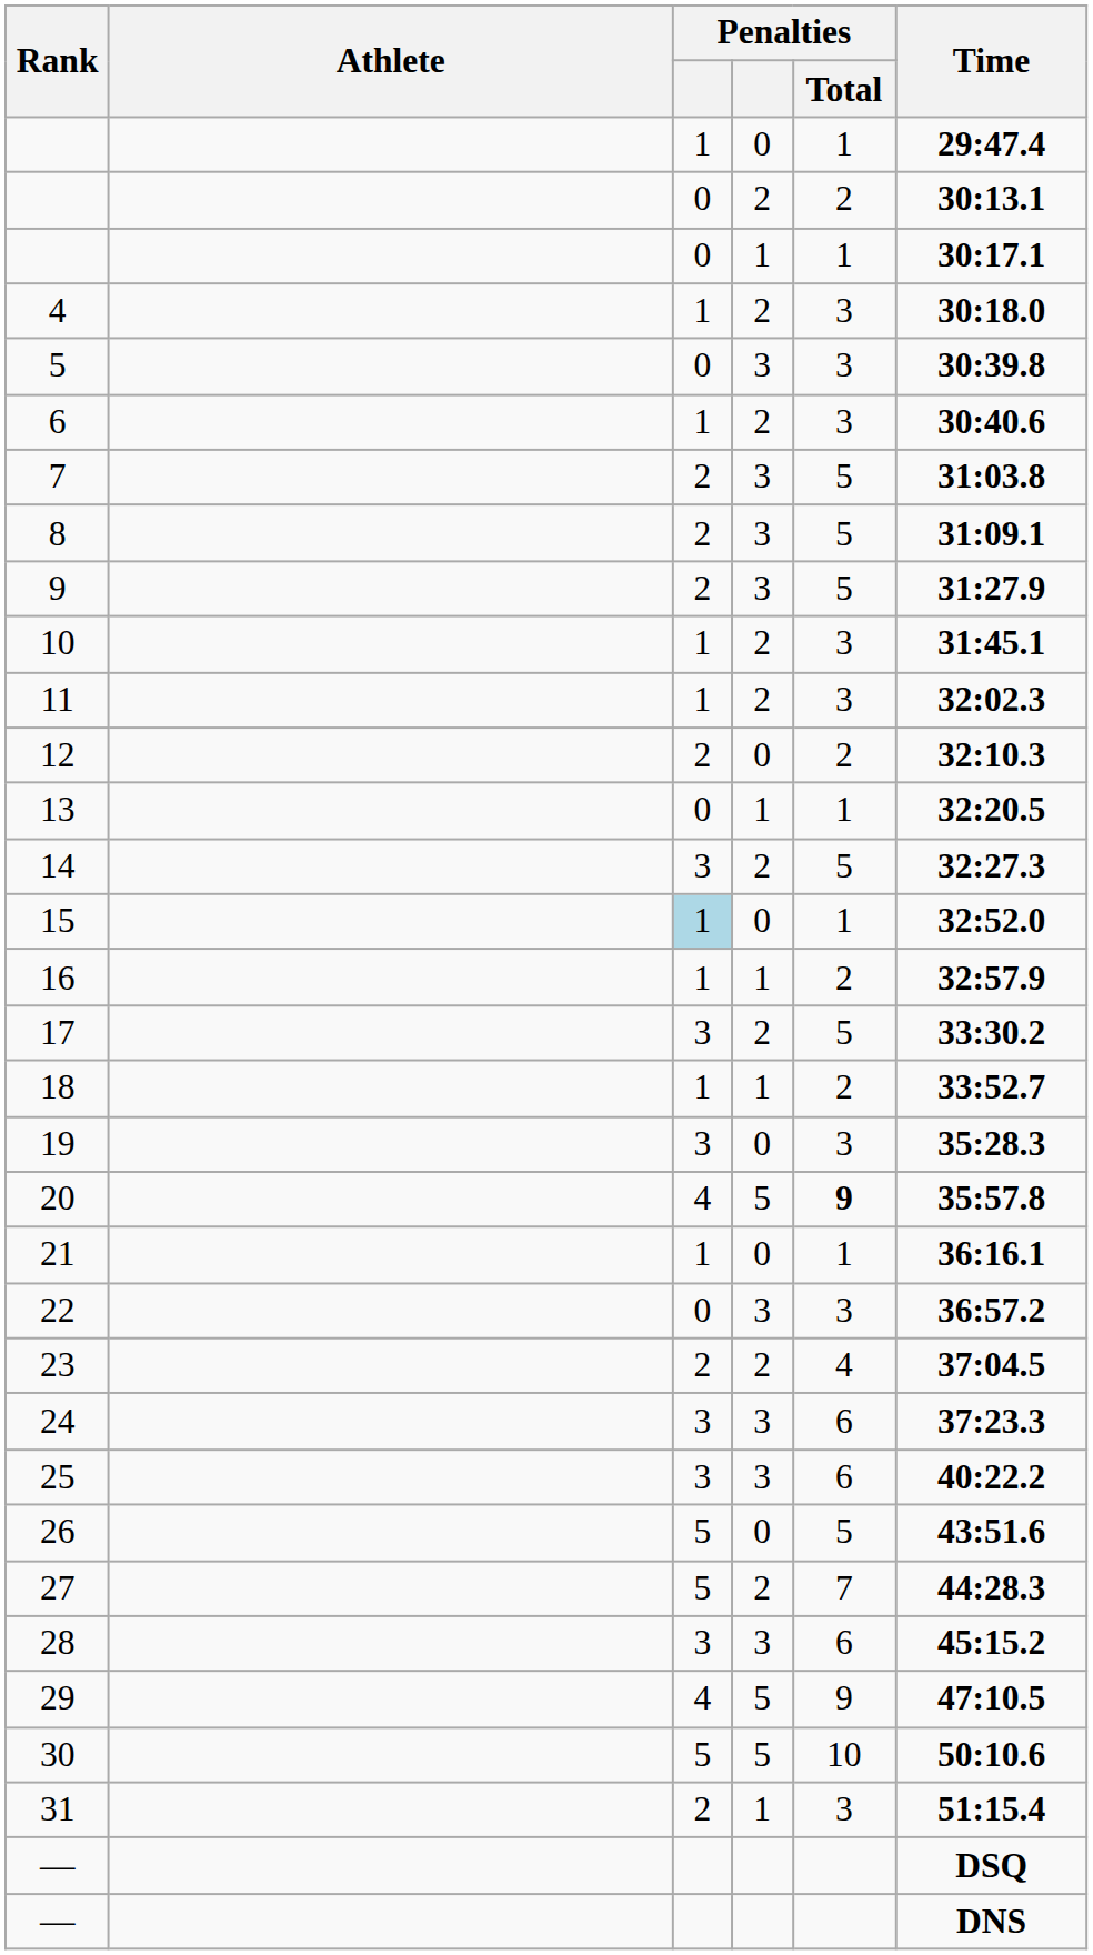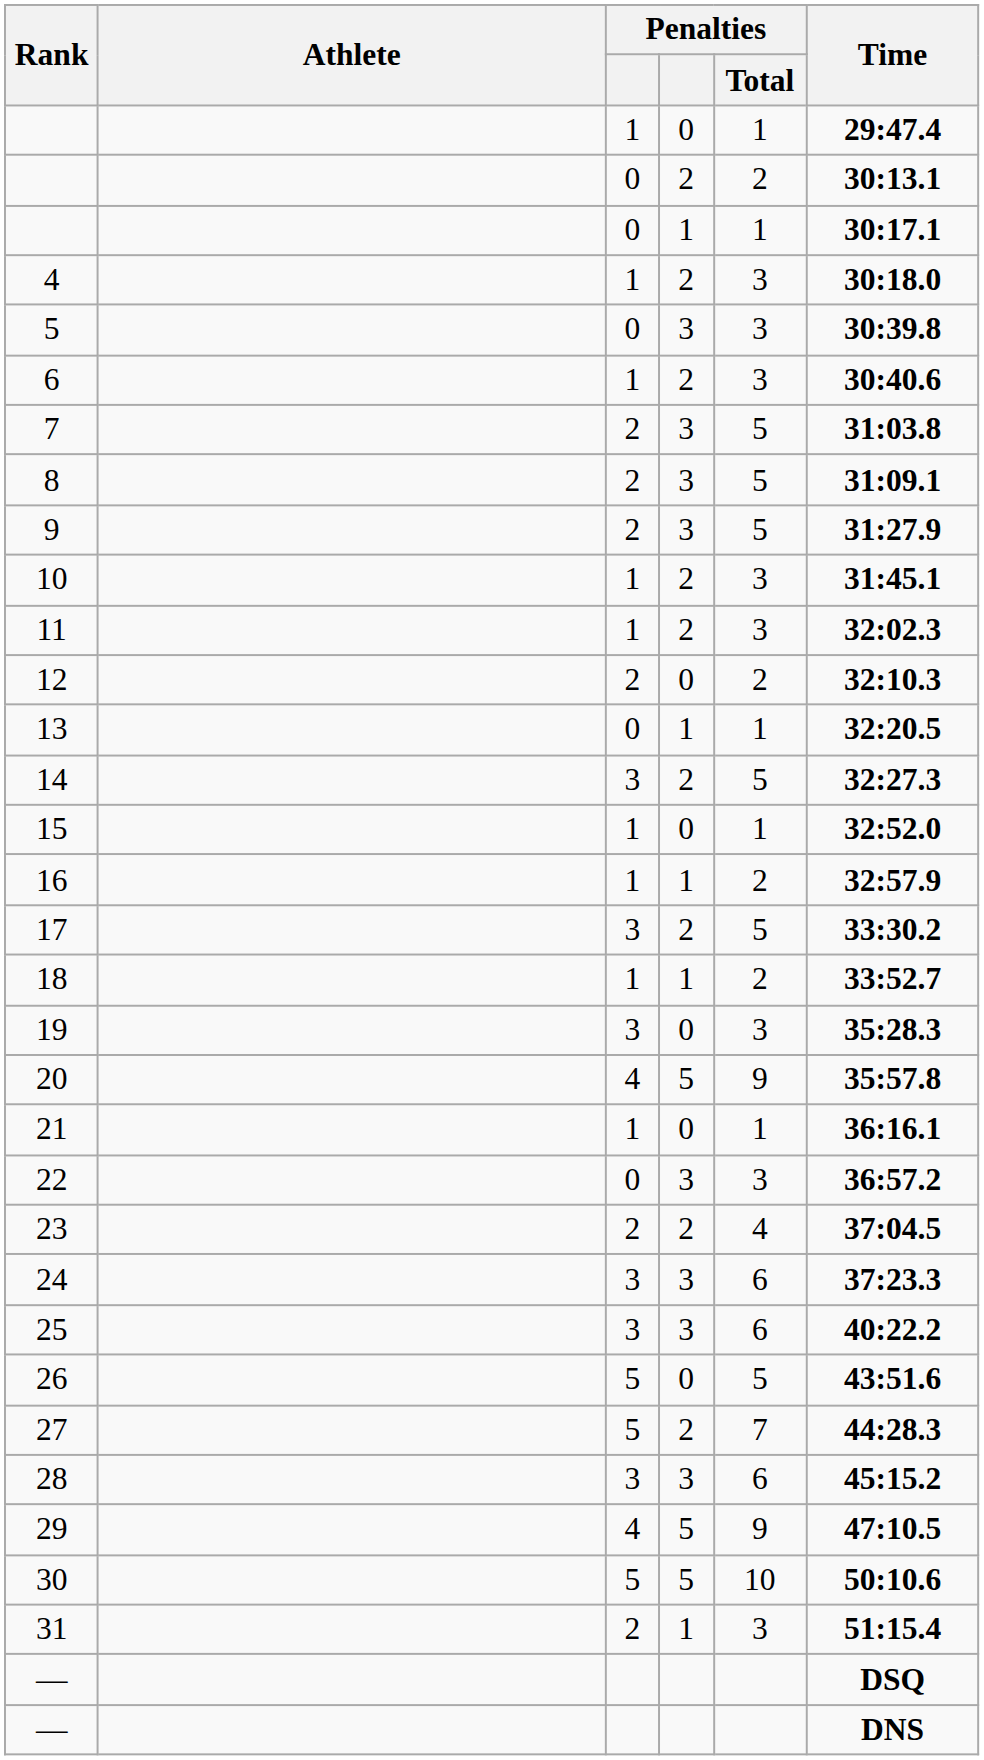 <table class=wikitable style="text-align:center">
 <tr>
 <th rowspan=2 width=40>Rank</th>
 <th rowspan=2 width=250>Athlete</th>
 <th colspan=3>Penalties</th>
 <th rowspan=2 width=80>Time</th>
 </tr>
 <tr>
 <th width=20></th>
 <th width=20></th>
 <th width=40>Total</th>
 </tr>
 <tr>
 <td></td>
 <td align=left></td>
 <td>1</td>
 <td>0</td>
 <td>1</td>
 <td><strong>29:47.4</strong></td>
 </tr>
 <tr>
 <td></td>
 <td align=left></td>
 <td>0</td>
 <td>2</td>
 <td>2</td>
 <td><strong>30:13.1</strong></td>
 </tr>
 <tr>
 <td></td>
 <td align=left></td>
 <td>0</td>
 <td>1</td>
 <td>1</td>
 <td><strong>30:17.1</strong></td>
 </tr>
 <tr>
 <td>4</td>
 <td align=left></td>
 <td>1</td>
 <td>2</td>
 <td>3</td>
 <td><strong>30:18.0</strong></td>
 </tr>
 <tr>
 <td>5</td>
 <td align=left></td>
 <td>0</td>
 <td>3</td>
 <td>3</td>
 <td><strong>30:39.8</strong></td>
 </tr>
 <tr>
 <td>6</td>
 <td align=left></td>
 <td>1</td>
 <td>2</td>
 <td>3</td>
 <td><strong>30:40.6</strong></td>
 </tr>
 <tr>
 <td>7</td>
 <td align=left></td>
 <td>2</td>
 <td>3</td>
 <td>5</td>
 <td><strong>31:03.8</strong></td>
 </tr>
 <tr>
 <td>8</td>
 <td align=left></td>
 <td>2</td>
 <td>3</td>
 <td>5</td>
 <td><strong>31:09.1</strong></td>
 </tr>
 <tr>
 <td>9</td>
 <td align=left></td>
 <td>2</td>
 <td>3</td>
 <td>5</td>
 <td><strong>31:27.9</strong></td>
 </tr>
 <tr>
 <td>10</td>
 <td align=left></td>
 <td>1</td>
 <td>2</td>
 <td>3</td>
 <td><strong>31:45.1</strong></td>
 </tr>
 <tr>
 <td>11</td>
 <td align=left></td>
 <td>1</td>
 <td>2</td>
 <td>3</td>
 <td><strong>32:02.3</strong></td>
 </tr>
 <tr>
 <td>12</td>
 <td align=left></td>
 <td>2</td>
 <td>0</td>
 <td>2</td>
 <td><strong>32:10.3</strong></td>
 </tr>
 <tr>
 <td>13</td>
 <td align=left></td>
 <td>0</td>
 <td>1</td>
 <td>1</td>
 <td><strong>32:20.5</strong></td>
 </tr>
 <tr>
 <td>14</td>
 <td align=left></td>
 <td>3</td>
 <td>2</td>
 <td>5</td>
 <td><strong>32:27.3</strong></td>
 </tr>
 <tr>
 <td>15</td>
 <td align=left></td>
-<td style="background: lightblue;">1</td>
+<td>1</td>
 <td>0</td>
 <td>1</td>
 <td><strong>32:52.0</strong></td>
 </tr>
 <tr>
 <td>16</td>
 <td align=left></td>
 <td>1</td>
 <td>1</td>
 <td>2</td>
 <td><strong>32:57.9</strong></td>
 </tr>
 <tr>
 <td>17</td>
 <td align=left></td>
 <td>3</td>
 <td>2</td>
 <td>5</td>
 <td><strong>33:30.2</strong></td>
 </tr>
 <tr>
 <td>18</td>
 <td align=left></td>
 <td>1</td>
 <td>1</td>
 <td>2</td>
 <td><strong>33:52.7</strong></td>
 </tr>
 <tr>
 <td>19</td>
 <td align=left></td>
 <td>3</td>
 <td>0</td>
 <td>3</td>
 <td><strong>35:28.3</strong></td>
 </tr>
 <tr>
 <td>20</td>
 <td align=left></td>
 <td>4</td>
 <td>5</td>
-<td><strong>9</strong></td>
+<td>9</td>
 <td><strong>35:57.8</strong></td>
 </tr>
 <tr>
 <td>21</td>
 <td align=left></td>
 <td>1</td>
 <td>0</td>
 <td>1</td>
 <td><strong>36:16.1</strong></td>
 </tr>
 <tr>
 <td>22</td>
 <td align=left></td>
 <td>0</td>
 <td>3</td>
 <td>3</td>
 <td><strong>36:57.2</strong></td>
 </tr>
 <tr>
 <td>23</td>
 <td align=left></td>
 <td>2</td>
 <td>2</td>
 <td>4</td>
 <td><strong>37:04.5</strong></td>
 </tr>
 <tr>
 <td>24</td>
 <td align=left></td>
 <td>3</td>
 <td>3</td>
 <td>6</td>
 <td><strong>37:23.3</strong></td>
 </tr>
 <tr>
 <td>25</td>
 <td align=left></td>
 <td>3</td>
 <td>3</td>
 <td>6</td>
 <td><strong>40:22.2</strong></td>
 </tr>
 <tr>
 <td>26</td>
 <td align=left></td>
 <td>5</td>
 <td>0</td>
 <td>5</td>
 <td><strong>43:51.6</strong></td>
 </tr>
 <tr>
 <td>27</td>
 <td align=left></td>
 <td>5</td>
 <td>2</td>
 <td>7</td>
 <td><strong>44:28.3</strong></td>
 </tr>
 <tr>
 <td>28</td>
 <td align=left></td>
 <td>3</td>
 <td>3</td>
 <td>6</td>
 <td><strong>45:15.2</strong></td>
 </tr>
 <tr>
 <td>29</td>
 <td align=left></td>
 <td>4</td>
 <td>5</td>
 <td>9</td>
 <td><strong>47:10.5</strong></td>
 </tr>
 <tr>
 <td>30</td>
 <td align=left></td>
 <td>5</td>
 <td>5</td>
 <td>10</td>
 <td><strong>50:10.6</strong></td>
 </tr>
 <tr>
 <td>31</td>
 <td align=left></td>
 <td>2</td>
 <td>1</td>
 <td>3</td>
 <td><strong>51:15.4</strong></td>
 </tr>
 <tr>
 <td>—</td>
 <td align=left></td>
 <td></td>
 <td></td>
 <td></td>
 <td><strong>DSQ</strong></td>
 </tr>
 <tr>
 <td>—</td>
 <td align=left></td>
 <td></td>
 <td></td>
 <td></td>
 <td><strong>DNS</strong></td>
 </tr>
 </table>
